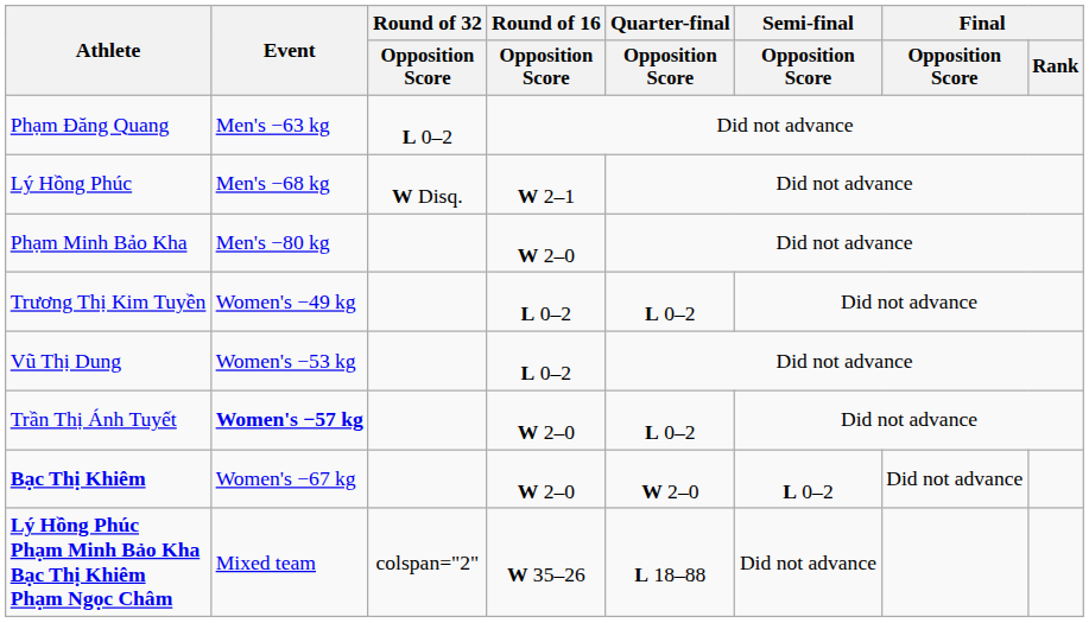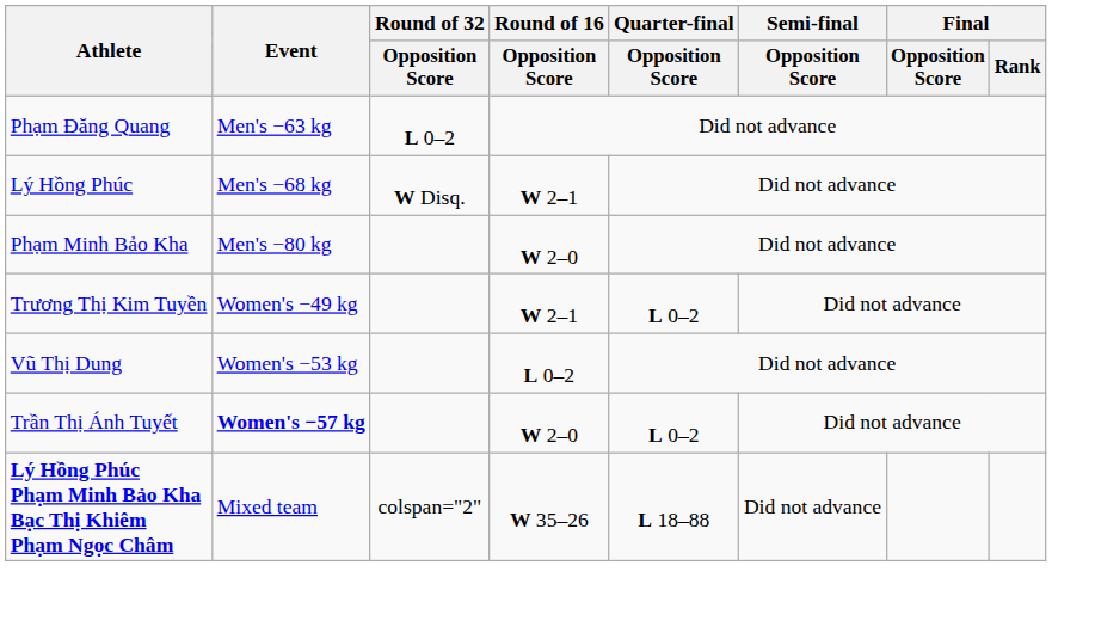 <table class=wikitable style=font-size:90%;text-align:center>
 <tr>
 <th rowspan=2>Athlete</th>
 <th rowspan=2>Event</th>
 <th>Round of 32</th>
 <th>Round of 16</th>
 <th>Quarter-final</th>
 <th>Semi-final</th>
 <th colspan=2>Final</th>
 </tr>
 <tr style=font-size:95%>
 <th>Opposition<br>Score</th>
 <th>Opposition<br>Score</th>
 <th>Opposition<br>Score</th>
 <th>Opposition<br>Score</th>
 <th>Opposition<br>Score</th>
 <th>Rank</th>
 </tr>
 <tr>
 <td align=left><a href='#'>Phạm Đăng Quang</a></td>
 <td align=left><a href='#'>Men's −63 kg</a></td>
 <td><br><strong>L</strong> 0–2</td>
 <td colspan=5>Did not advance</td>
 </tr>
 <tr>
 <td align=left><a href='#'>Lý Hồng Phúc</a></td>
 <td align=left><a href='#'>Men's −68 kg</a></td>
 <td><br><strong>W</strong> Disq.</td>
 <td><br><strong>W</strong> 2–1</td>
 <td colspan=4>Did not advance</td>
 </tr>
 <tr>
 <td align=left><a href='#'>Phạm Minh Bảo Kha</a></td>
 <td align=left><a href='#'>Men's −80 kg</a></td>
 <td></td>
 <td><br><strong>W</strong> 2–0</td>
 <td colspan=4>Did not advance</td>
 </tr>
 <tr>
 <td align=left><a href='#'>Trương Thị Kim Tuyền</a></td>
 <td align=left><a href='#'>Women's −49 kg</a></td>
 <td></td>
-<td><br><strong>L</strong>  0–2</td>
+<td><br><strong>W</strong> 2–1</td>
 <td><br><strong>L</strong> 0–2</td>
 <td colspan=3>Did not advance</td>
 </tr>
 <tr>
 <td align=left><a href='#'>Vũ Thị Dung</a></td>
 <td align=left><a href='#'>Women's −53 kg</a></td>
 <td></td>
 <td><br><strong>L</strong>  0–2</td>
 <td colspan=4>Did not advance</td>
 </tr>
 <tr>
 <td align=left><a href='#'>Trần Thị Ánh Tuyết</a></td>
 <td align=left><strong><a href='#'>Women's −57 kg</a></strong></td>
 <td></td>
 <td><br><strong>W</strong> 2–0</td>
 <td><br><strong>L</strong>  0–2</td>
 <td colspan=3>Did not advance</td>
 </tr>
 <tr>
-<td align=left><strong><a href='#'>Bạc Thị Khiêm</a></strong></td>
-<td align=left><a href='#'>Women's −67 kg</a></td>
-<td></td>
-<td><br><strong>W</strong> 2–0</td>
-<td><br><strong>W</strong> 2–0</td>
-<td><br><strong>L</strong>  0–2</td>
-<td>Did not advance</td>
-<td></td>
-</tr>
-<tr>
 <td align=left><strong><a href='#'>Lý Hồng Phúc</a><br><a href='#'>Phạm Minh Bảo Kha</a><br><a href='#'>Bạc Thị Khiêm</a><br><a href='#'>Phạm Ngọc Châm</a></strong></td>
 <td align=left><a href='#'>Mixed team</a></td>
 <td>colspan="2" </td>
 <td><br><strong>W</strong> 35–26</td>
 <td><br><strong>L</strong> 18–88</td>
 <td>Did not advance</td>
 <td></td>
 </tr>
 </table>
